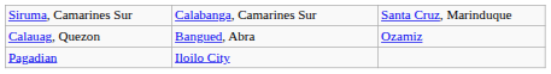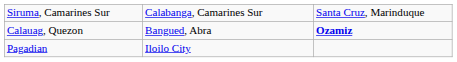 <table style="width:650px;" class="wikitable">
 <tr>
 <td width=200><a href='#'>Siruma</a>, Camarines Sur</td>
 <td width=250><a href='#'>Calabanga</a>, Camarines Sur</td>
 <td width=200><a href='#'>Santa Cruz</a>, Marinduque</td>
 </tr>
 <tr>
 <td><a href='#'>Calauag</a>, Quezon</td>
 <td><a href='#'>Bangued</a>, Abra</td>
-<td><a href='#'>Ozamiz</a></td>
+<td><strong><a href='#'>Ozamiz</a></strong></td>
 </tr>
 <tr>
 <td><a href='#'>Pagadian</a></td>
 <td><a href='#'>Iloilo City</a></td>
 </tr>
 </table>
